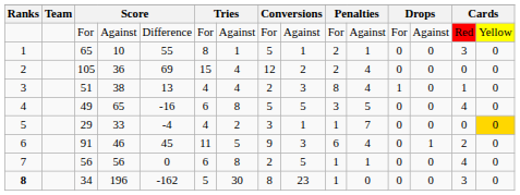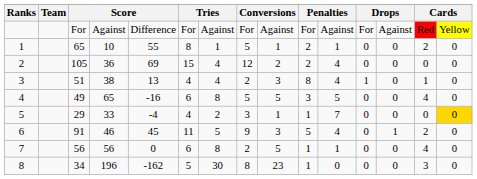 <table class="wikitable sortable" border="1" align=center>
 <tr>
 </tr>
 <tr>
 <th>Ranks</th>
 <th>Team</th>
 <th colspan="3">Score</th>
 <th colspan="2">Tries</th>
 <th colspan="2">Conversions</th>
 <th colspan="2">Penalties</th>
 <th colspan="2">Drops</th>
 <th colspan="2">Cards</th>
 </tr>
 <tr>
 <td></td>
 <td></td>
 <td>For</td>
 <td>Against</td>
 <td>Difference</td>
 <td>For</td>
 <td>Against</td>
 <td>For</td>
 <td>Against</td>
 <td>For</td>
 <td>Against</td>
 <td>For</td>
 <td>Against</td>
 <td style="background: red">Red</td>
 <td style="background: yellow">Yellow</td>
 </tr>
 <tr align=center>
 <td>1</td>
 <td align=left></td>
 <td>65</td>
 <td>10</td>
 <td>55</td>
 <td>8</td>
 <td>1</td>
 <td>5</td>
 <td>1</td>
 <td>2</td>
 <td>1</td>
 <td>0</td>
 <td>0</td>
-<td>3</td>
+<td>2</td>
 <td>0</td>
 </tr>
 <tr align=center>
 <td>2</td>
 <td align=left></td>
 <td>105</td>
 <td>36</td>
 <td>69</td>
 <td>15</td>
 <td>4</td>
 <td>12</td>
 <td>2</td>
 <td>2</td>
 <td>4</td>
 <td>0</td>
 <td>0</td>
 <td>0</td>
 <td>0</td>
 </tr>
 <tr align=center>
 <td>3</td>
 <td align=left></td>
 <td>51</td>
 <td>38</td>
 <td>13</td>
 <td>4</td>
 <td>4</td>
 <td>2</td>
 <td>3</td>
 <td>8</td>
 <td>4</td>
 <td>1</td>
 <td>0</td>
 <td>1</td>
 <td>0</td>
 </tr>
 <tr align=center>
 <td>4</td>
 <td align=left></td>
 <td>49</td>
 <td>65</td>
 <td>-16</td>
 <td>6</td>
 <td>8</td>
 <td>5</td>
 <td>5</td>
 <td>3</td>
 <td>5</td>
 <td>0</td>
 <td>0</td>
 <td>4</td>
 <td>0</td>
 </tr>
 <tr align=center>
 <td>5</td>
 <td align=left></td>
 <td>29</td>
 <td>33</td>
 <td>-4</td>
 <td>4</td>
 <td>2</td>
 <td>3</td>
 <td>1</td>
 <td>1</td>
 <td>7</td>
 <td>0</td>
 <td>0</td>
 <td>0</td>
 <td style="background: gold;">0</td>
 </tr>
 <tr align=center>
 <td>6</td>
 <td align=left></td>
 <td>91</td>
 <td>46</td>
 <td>45</td>
 <td>11</td>
 <td>5</td>
 <td>9</td>
 <td>3</td>
-<td>6</td>
+<td>5</td>
 <td>4</td>
 <td>0</td>
 <td>1</td>
 <td>2</td>
 <td>0</td>
 </tr>
 <tr align=center>
 <td>7</td>
 <td align=left></td>
 <td>56</td>
 <td>56</td>
 <td>0</td>
 <td>6</td>
 <td>8</td>
 <td>2</td>
 <td>5</td>
 <td>1</td>
 <td>1</td>
 <td>0</td>
 <td>0</td>
 <td>4</td>
 <td>0</td>
 </tr>
 <tr align=center>
-<td><strong>8</strong></td>
+<td>8</td>
 <td align=left></td>
 <td>34</td>
 <td>196</td>
 <td>-162</td>
 <td>5</td>
 <td>30</td>
 <td>8</td>
 <td>23</td>
 <td>1</td>
 <td>0</td>
 <td>0</td>
 <td>0</td>
 <td>3</td>
 <td>0</td>
 </tr>
 </table>
